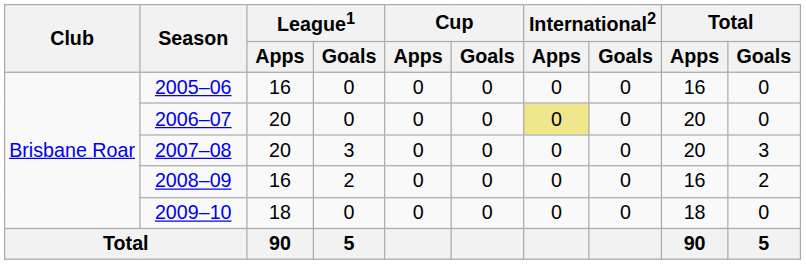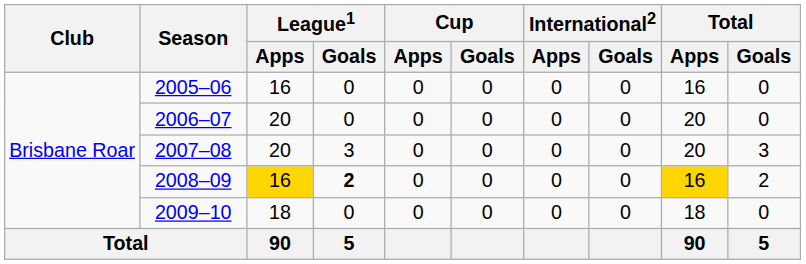 <table class="wikitable" style="text-align: center;">
 <tr>
 <th rowspan="2">Club</th>
 <th rowspan="2" width="80">Season</th>
 <th colspan="2" width="105">League<sup>1</sup></th>
 <th colspan="2" width="105">Cup</th>
 <th colspan="2" width="105">International<sup>2</sup></th>
 <th colspan="2" width="105">Total</th>
 </tr>
 <tr>
 <th>Apps</th>
 <th>Goals</th>
 <th>Apps</th>
 <th>Goals</th>
 <th>Apps</th>
 <th>Goals</th>
 <th>Apps</th>
 <th>Goals</th>
 </tr>
 <tr>
 <td rowspan="5" valign="center"><a href='#'>Brisbane Roar</a></td>
 <td><a href='#'>2005–06</a></td>
 <td>16</td>
 <td>0</td>
 <td>0</td>
 <td>0</td>
 <td>0</td>
 <td>0</td>
 <td>16</td>
 <td>0</td>
 </tr>
 <tr>
 <td><a href='#'>2006–07</a></td>
 <td>20</td>
 <td>0</td>
 <td>0</td>
 <td>0</td>
-<td style="background: khaki;">0</td>
+<td>0</td>
 <td>0</td>
 <td>20</td>
 <td>0</td>
 </tr>
 <tr>
 <td><a href='#'>2007–08</a></td>
 <td>20</td>
 <td>3</td>
 <td>0</td>
 <td>0</td>
 <td>0</td>
 <td>0</td>
 <td>20</td>
 <td>3</td>
 </tr>
 <tr>
 <td><a href='#'>2008–09</a></td>
-<td>16</td>
-<td>2</td>
+<td style="background: gold;">16</td>
+<td><strong>2</strong></td>
 <td>0</td>
 <td>0</td>
 <td>0</td>
 <td>0</td>
-<td>16</td>
+<td style="background: gold;">16</td>
 <td>2</td>
 </tr>
 <tr>
 <td><a href='#'>2009–10</a></td>
 <td>18</td>
 <td>0</td>
 <td>0</td>
 <td>0</td>
 <td>0</td>
 <td>0</td>
 <td>18</td>
 <td>0</td>
 </tr>
 <tr>
 <th colspan="2">Total</th>
 <th>90</th>
 <th>5</th>
 <th></th>
 <th></th>
 <th></th>
 <th></th>
 <th>90</th>
 <th>5</th>
 </tr>
 </table>
